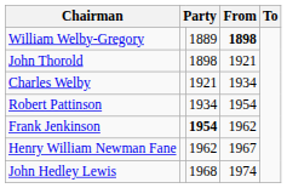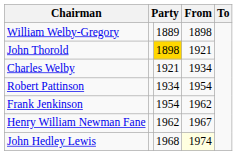 <table class=wikitable>
 <tr>
 <th>Chairman</th>
 <th colspan=2>Party</th>
 <th>From</th>
 <th>To</th>
 </tr>
 <tr>
 <td><a href='#'>William Welby-Gregory</a></td>
 <td></td>
 <td align=right>1889</td>
-<td align=right><strong>1898</strong></td>
+<td align=right>1898</td>
 </tr>
 <tr>
 <td><a href='#'>John Thorold</a></td>
 <td></td>
-<td align=right>1898</td>
+<td align=right style="background: gold;">1898</td>
 <td align=right>1921</td>
 </tr>
 <tr>
 <td><a href='#'>Charles Welby</a></td>
 <td></td>
 <td align=right>1921</td>
 <td align=right>1934</td>
 </tr>
 <tr>
 <td><a href='#'>Robert Pattinson</a></td>
 <td></td>
 <td align=right>1934</td>
 <td align=right>1954</td>
 </tr>
 <tr>
 <td><a href='#'>Frank Jenkinson</a></td>
 <td></td>
-<td align=right><strong>1954</strong></td>
+<td align=right>1954</td>
 <td align=right>1962</td>
 </tr>
 <tr>
 <td><a href='#'>Henry William Newman Fane</a></td>
 <td></td>
 <td align=right>1962</td>
 <td align=right>1967</td>
 </tr>
 <tr>
 <td><a href='#'>John Hedley Lewis</a></td>
 <td></td>
 <td align=right>1968</td>
-<td align=right>1974</td>
+<td align=right style="background: lightyellow;">1974</td>
 </tr>
 </table>
